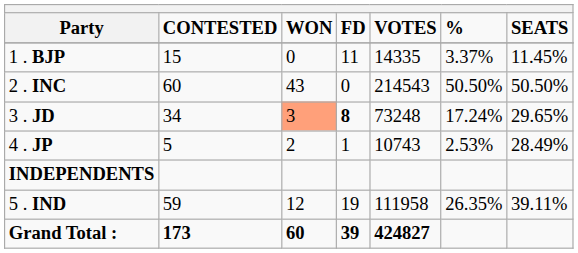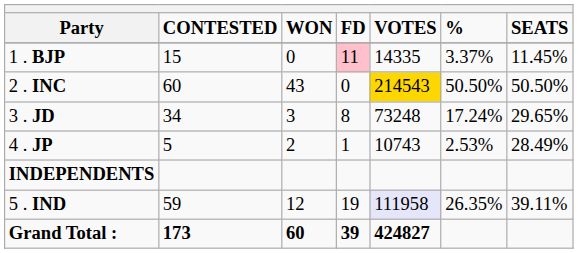 <table class="wikitable">
 <tr>
 <th colspan=8></th>
 </tr>
 <tr>
 <th>Party</th>
 <td><strong>CONTESTED</strong></td>
 <td><strong>WON</strong></td>
 <td><strong>FD</strong></td>
 <td><strong>VOTES</strong></td>
 <td><strong>%</strong></td>
 <td><strong>SEATS</strong></td>
 </tr>
 <tr>
 </tr>
 <tr>
 <td>1  . <strong>BJP</strong></td>
 <td>15</td>
 <td>0</td>
-<td>11</td>
+<td style="background: pink;">11</td>
 <td>14335</td>
 <td>3.37%</td>
 <td>11.45%</td>
 </tr>
 <tr>
 <td>2  . <strong>INC</strong></td>
 <td>60</td>
 <td>43</td>
 <td>0</td>
-<td>214543</td>
+<td style="background: gold;">214543</td>
 <td>50.50%</td>
 <td>50.50%</td>
 </tr>
 <tr>
 <td>3 . <strong>JD</strong></td>
 <td>34</td>
-<td style="background: lightsalmon;">3</td>
-<td><strong>8</strong></td>
+<td>3</td>
+<td>8</td>
 <td>73248</td>
 <td>17.24%</td>
 <td>29.65%</td>
 </tr>
 <tr>
 <td>4 . <strong>JP</strong></td>
 <td>5</td>
 <td>2</td>
 <td>1</td>
 <td>10743</td>
 <td>2.53%</td>
 <td>28.49%</td>
 </tr>
 <tr>
 <td><strong>INDEPENDENTS</strong></td>
 <td></td>
 <td></td>
 <td></td>
 <td></td>
 <td></td>
 <td></td>
 </tr>
 <tr>
 <td>5  . <strong>IND</strong></td>
 <td>59</td>
 <td>12</td>
 <td>19</td>
-<td>111958</td>
+<td style="background: lavender;">111958</td>
 <td>26.35%</td>
 <td>39.11%</td>
 </tr>
 <tr>
 <td><strong>Grand Total :</strong></td>
 <td><strong>173</strong></td>
 <td><strong>60</strong></td>
 <td><strong>39</strong></td>
 <td><strong>424827</strong></td>
 <td></td>
 <td></td>
 </tr>
 </table>
